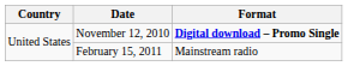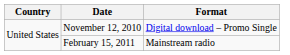 <table class="wikitable plainrowheaders">
 <tr>
 <th scope="col">Country</th>
 <th scope="col">Date</th>
 <th scope="col">Format</th>
 </tr>
 <tr>
 <td rowspan="2">United States</td>
 <td>November 12, 2010</td>
-<td><strong><a href='#'>Digital download</a> – Promo Single</strong></td>
+<td><a href='#'>Digital download</a> – Promo Single</td>
 </tr>
 <tr>
 <td>February 15, 2011</td>
 <td>Mainstream radio</td>
 </tr>
 </table>
